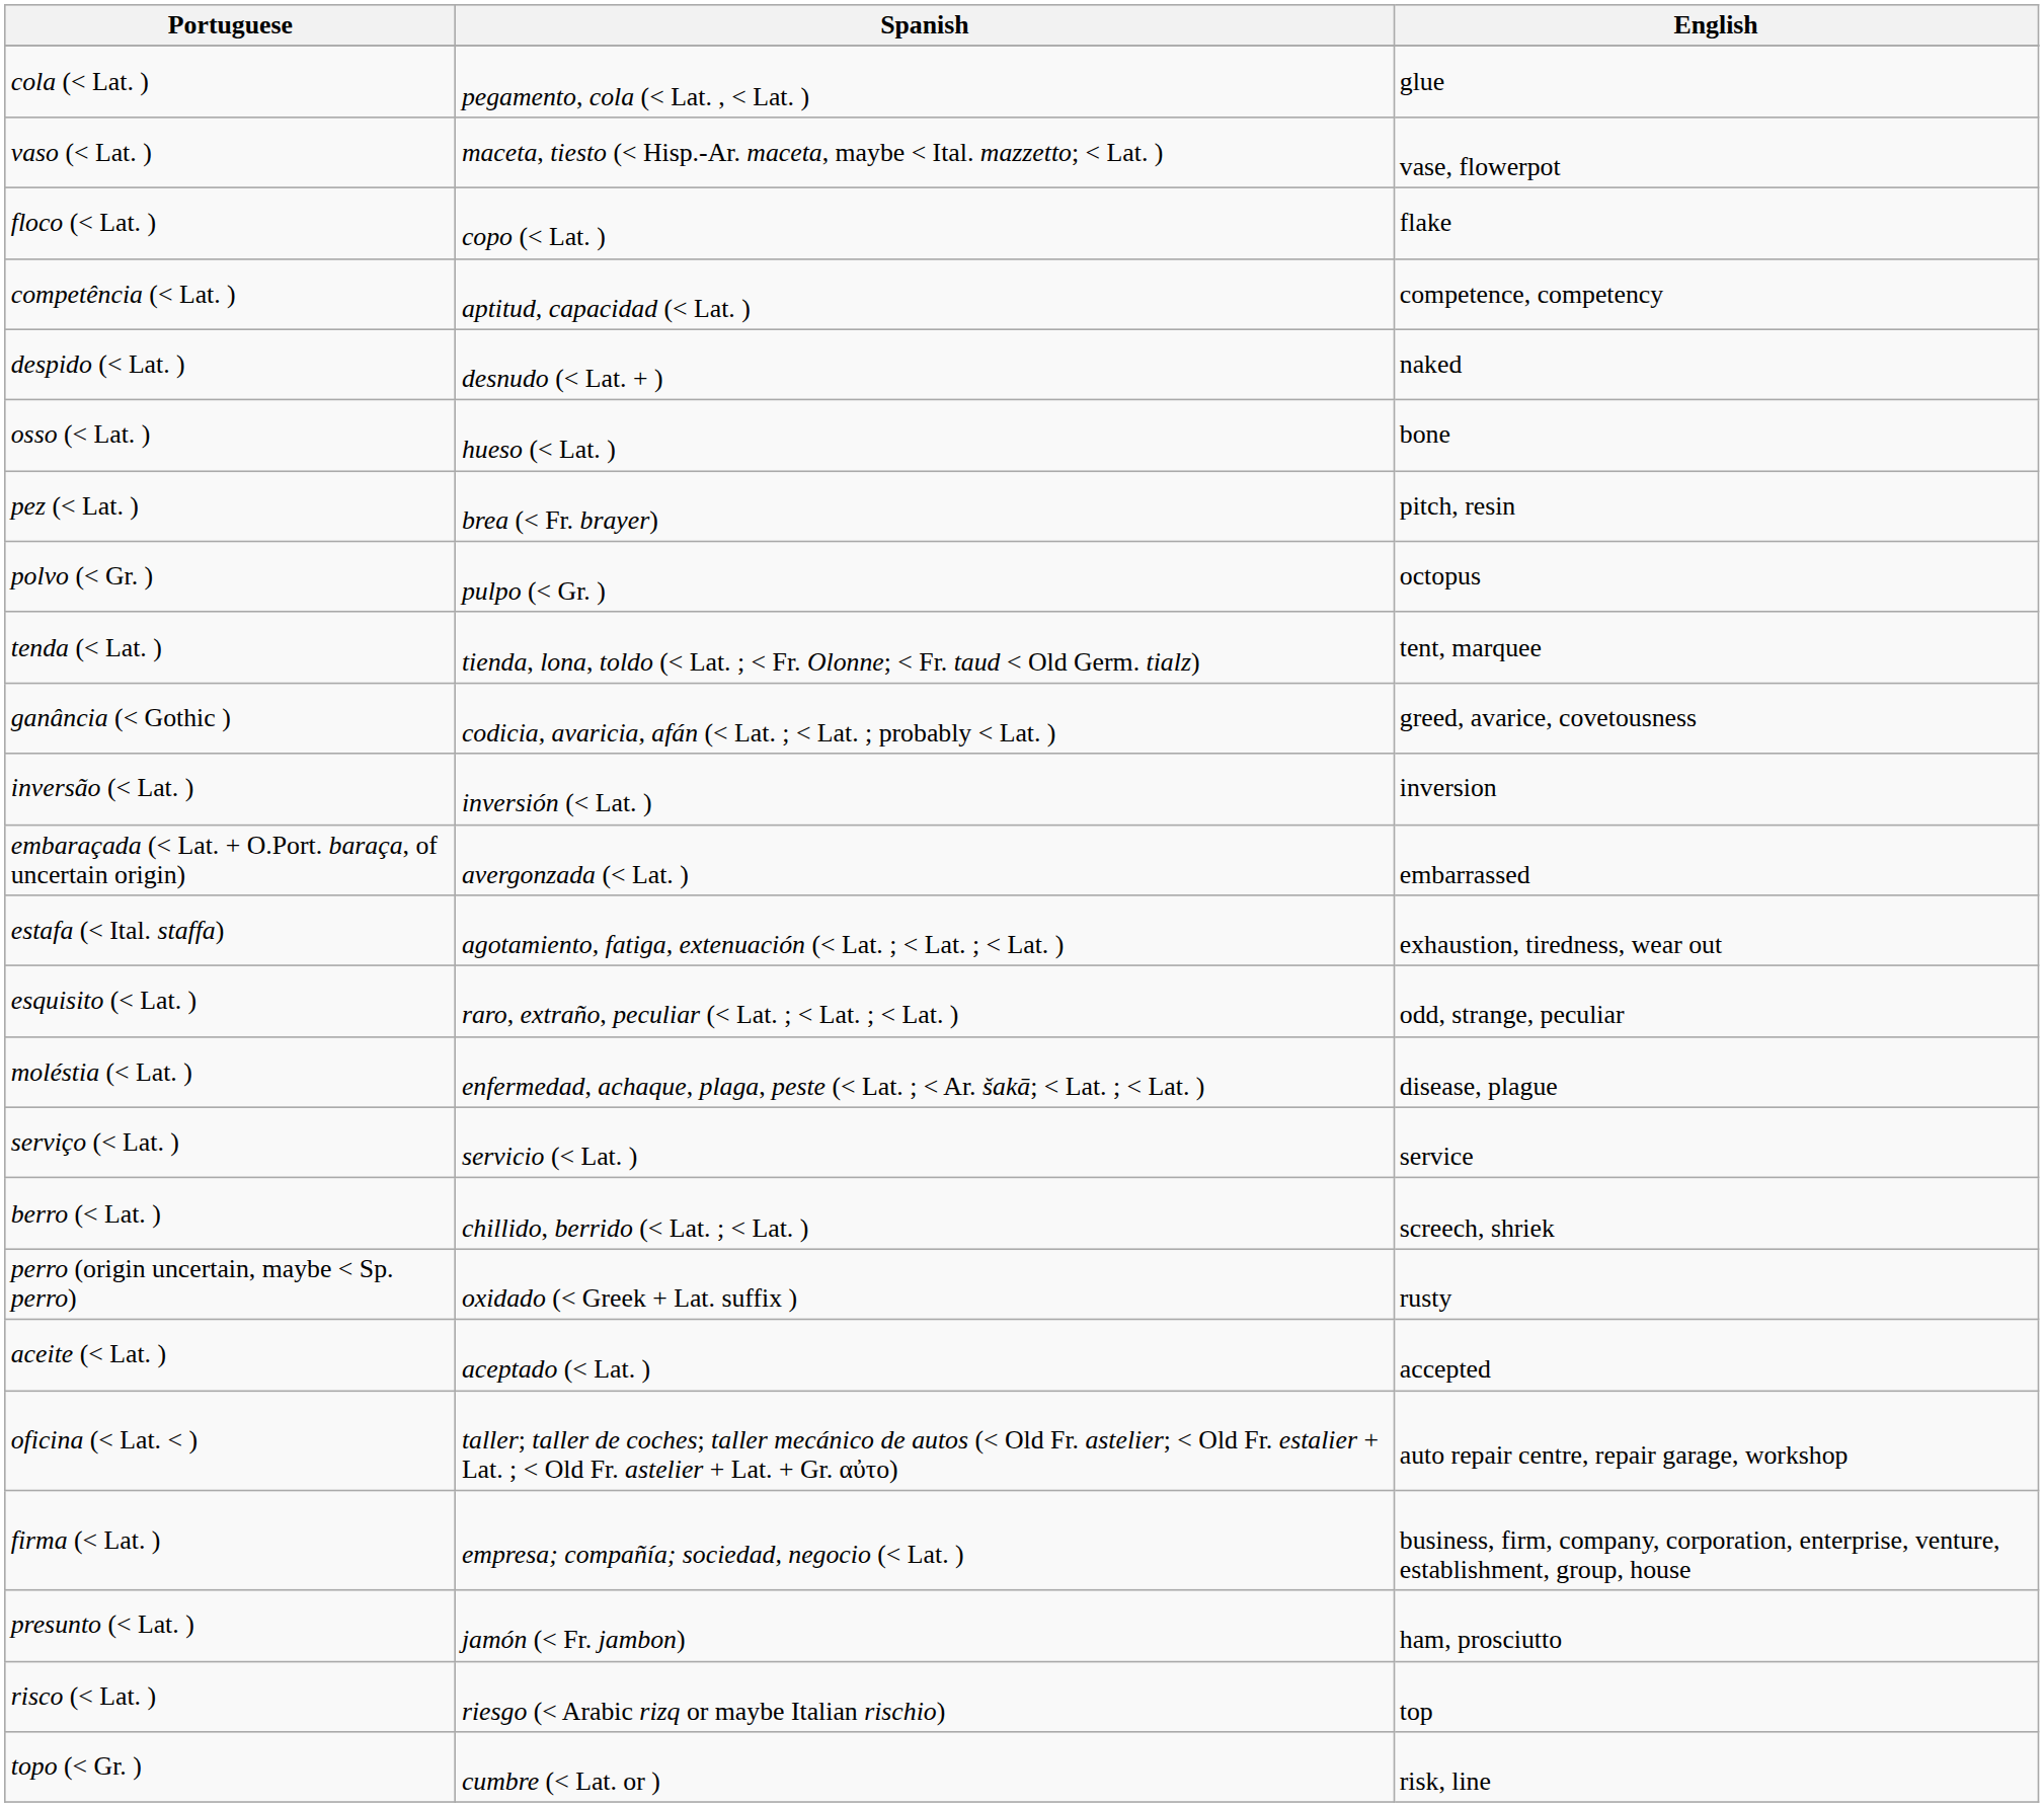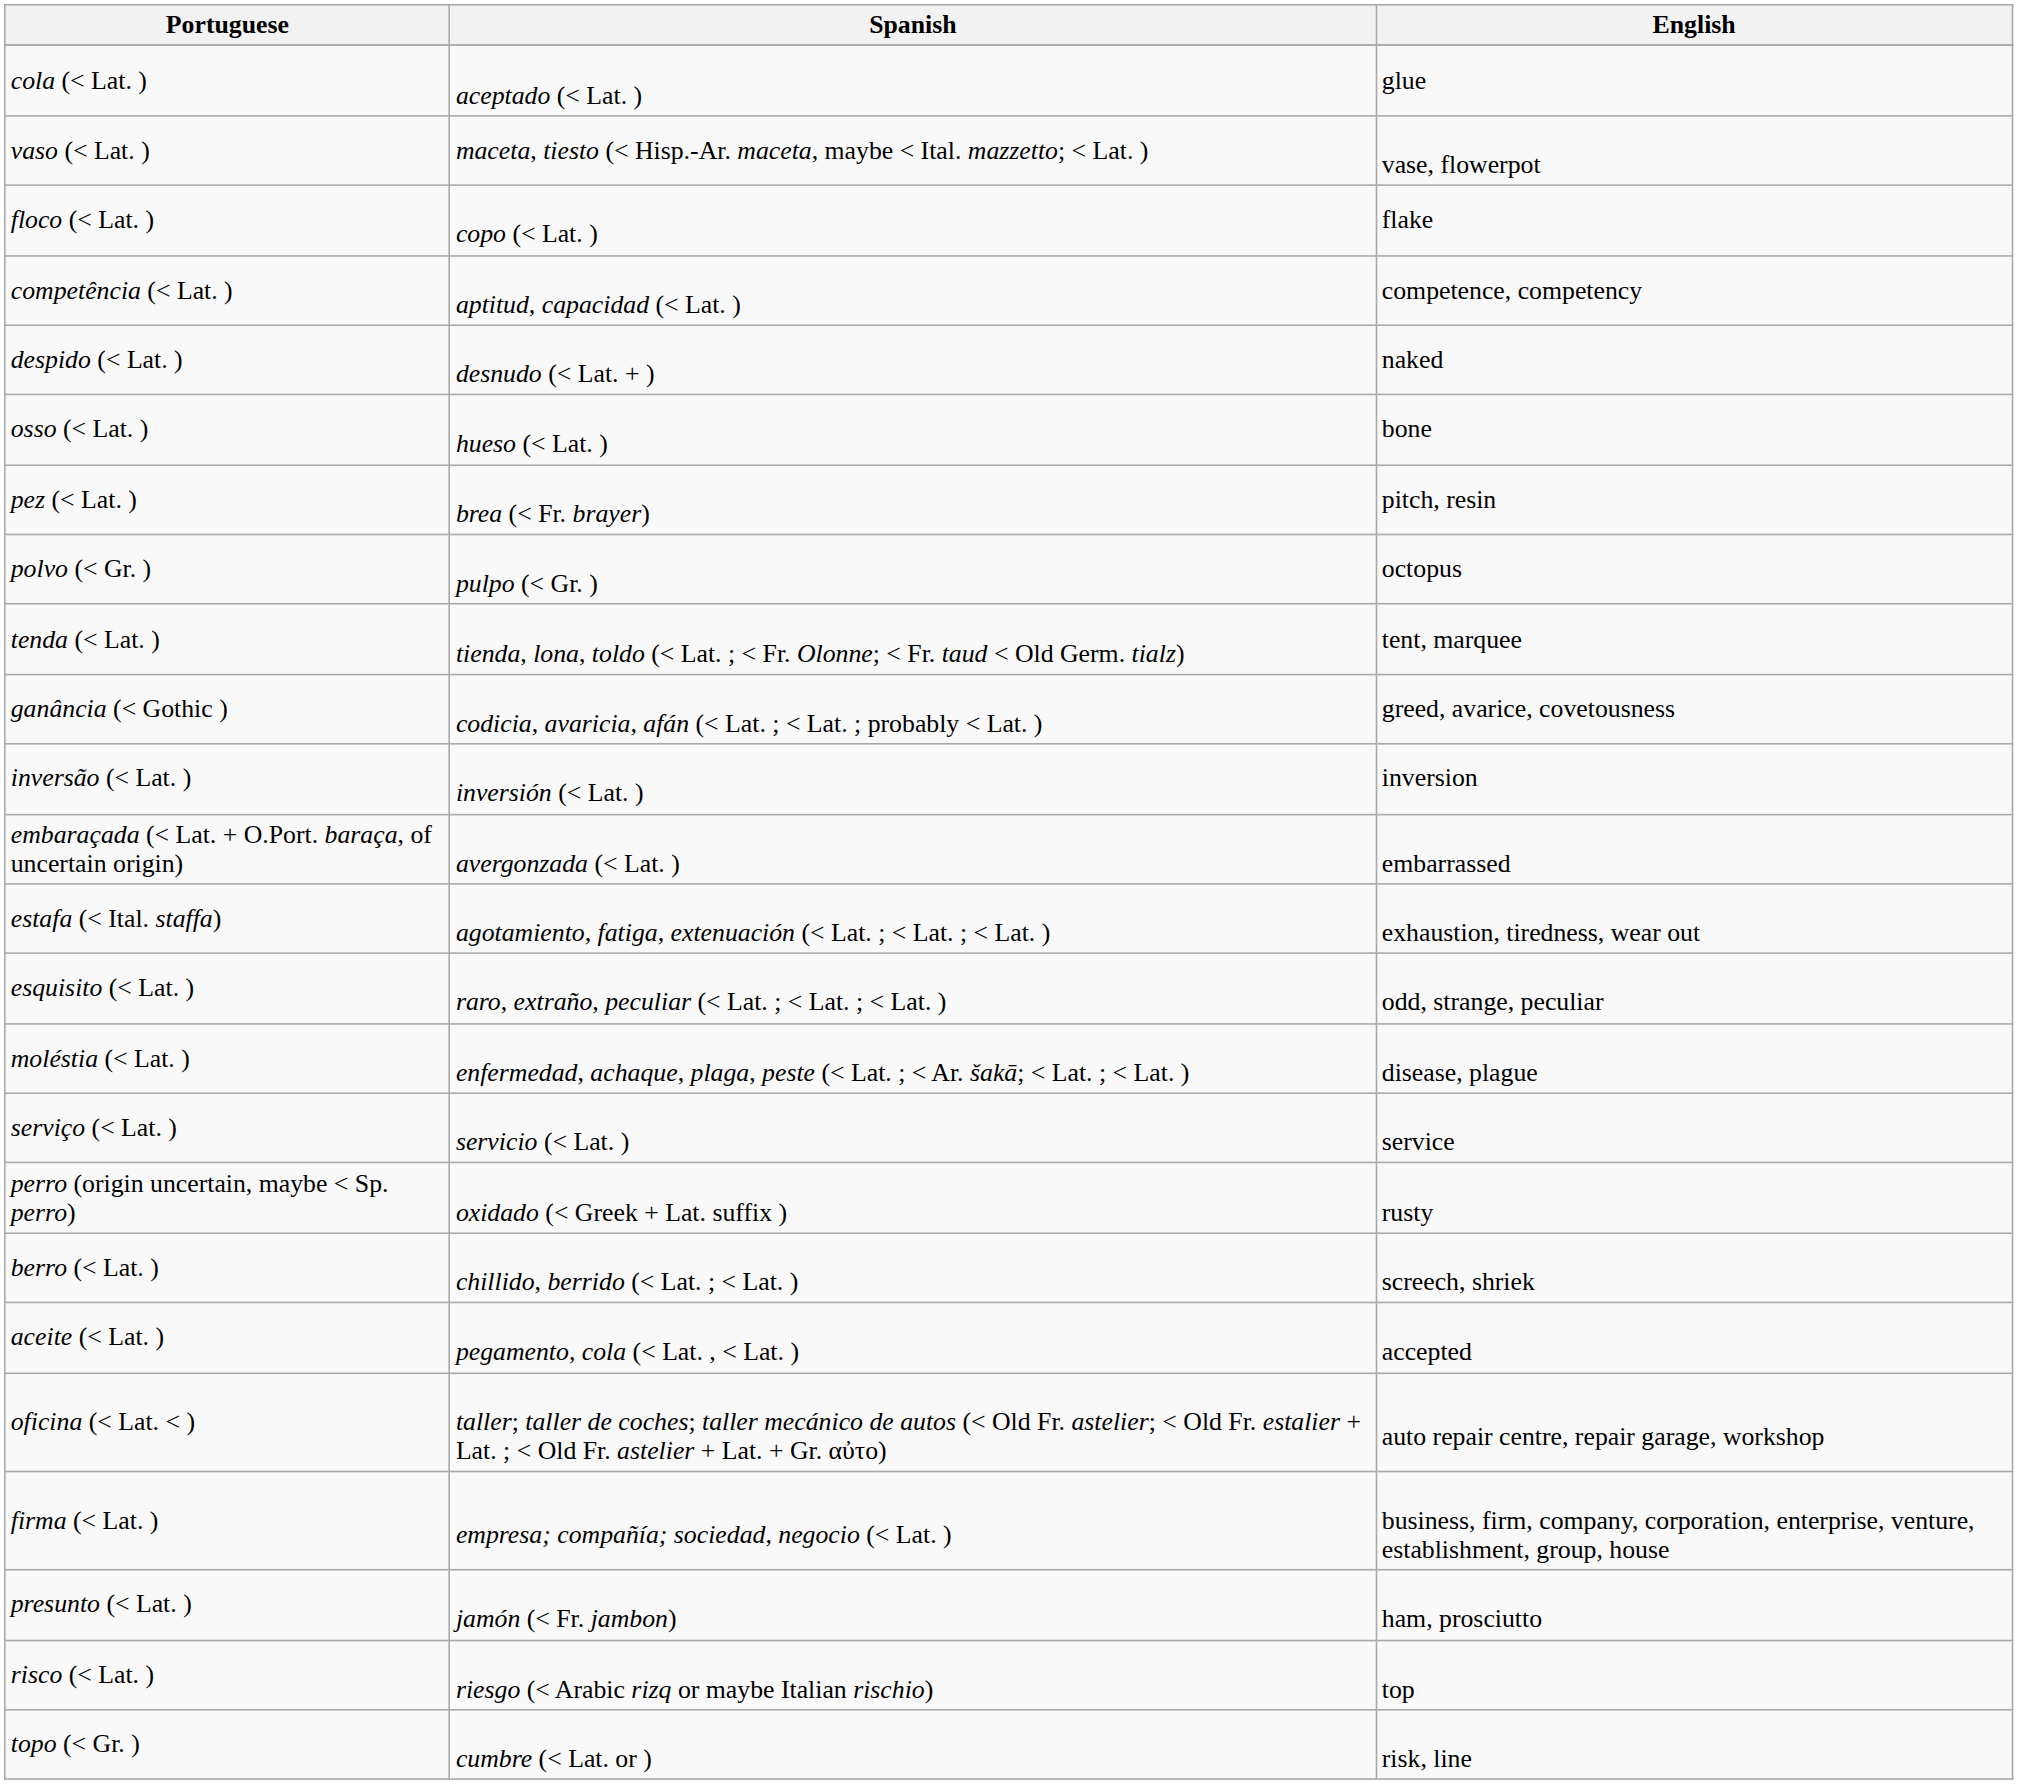 <table class="wikitable">
 <tr align=center>
 <th>Portuguese</th>
 <th>Spanish</th>
 <th>English</th>
 </tr>
 <tr align=left>
 </tr>
 <tr align=left>
 <td><em>cola</em> (< Lat. )</td>
-<td><br><em>pegamento</em>, <em>cola</em> (< Lat. , < Lat. )</td>
+<td><br><em>aceptado</em> (< Lat. )</td>
 <td>glue</td>
 </tr>
 <tr align=left>
 <td><em>vaso</em> (< Lat. )</td>
 <td><em>maceta</em>, <em>tiesto</em> (< Hisp.-Ar. <em>maceta</em>, maybe < Ital. <em>mazzetto</em>; < Lat. )</td>
 <td><br>vase, flowerpot</td>
 </tr>
 <tr align=left>
 <td><em>floco</em> (< Lat. )</td>
 <td><br><em>copo</em> (< Lat. )</td>
 <td>flake</td>
 </tr>
 <tr align=left>
 <td><em>competência</em> (< Lat. )</td>
 <td><br><em>aptitud, capacidad</em> (< Lat. )</td>
 <td>competence, competency</td>
 </tr>
 <tr align=left>
 <td><em>despido</em> (< Lat. )</td>
 <td><br><em>desnudo</em> (< Lat.  + )</td>
 <td>naked</td>
 </tr>
 <tr align=left>
 <td><em>osso</em> (< Lat. )</td>
 <td><br><em>hueso</em> (< Lat. )</td>
 <td>bone</td>
 </tr>
 <tr align=left>
 <td><em>pez</em> (< Lat. )</td>
 <td><br><em>brea</em> (< Fr. <em>brayer</em>)</td>
 <td>pitch, resin</td>
 </tr>
 <tr align=left>
 <td><em>polvo</em> (< Gr. )</td>
 <td><br><em>pulpo</em> (< Gr. )</td>
 <td>octopus</td>
 </tr>
 <tr align=left>
 <td><em>tenda</em> (< Lat. )</td>
 <td><br><em>tienda</em>, <em>lona</em>, <em>toldo</em> (< Lat. ; < Fr. <em>Olonne</em>; < Fr. <em>taud</em> < Old Germ. <em>tialz</em>)</td>
 <td>tent, marquee</td>
 </tr>
 <tr align=left>
 <td><em>ganância</em> (< Gothic )</td>
 <td><br><em>codicia, avaricia, afán</em> (< Lat. ; < Lat. ; probably < Lat. )</td>
 <td>greed, avarice, covetousness</td>
 </tr>
 <tr align=left>
 <td><em>inversão</em> (< Lat. )</td>
 <td><br><em>inversión</em> (< Lat. )</td>
 <td>inversion</td>
 </tr>
 <tr align=left>
 <td><em>embaraçada</em> (< Lat.  + O.Port. <em>baraça</em>, of uncertain origin)</td>
 <td><br><em>avergonzada</em> (< Lat. )</td>
 <td><br>embarrassed</td>
 </tr>
 <tr align=left>
 <td><em>estafa</em> (< Ital. <em>staffa</em>)</td>
 <td><br><em>agotamiento, fatiga, extenuación</em> (< Lat. ; < Lat. ; < Lat. )</td>
 <td><br>exhaustion, tiredness, wear out</td>
 </tr>
 <tr align=left>
 <td><em>esquisito</em> (< Lat. )</td>
 <td><br><em>raro</em>, <em>extraño</em>, <em>peculiar</em> (< Lat. ; < Lat. ; < Lat. )</td>
 <td><br>odd, strange, peculiar</td>
 </tr>
 <tr align=left>
 <td><em>moléstia</em> (< Lat. )</td>
 <td><br><em>enfermedad</em>, <em>achaque</em>, <em>plaga</em>, <em>peste</em>  (< Lat. ; < Ar. <em>šakā</em>; < Lat. ; < Lat.  )</td>
 <td><br>disease, plague</td>
 </tr>
 <tr align=left>
 <td><em>serviço</em> (< Lat. )</td>
 <td><br><em>servicio</em> (< Lat. )</td>
 <td><br>service</td>
 </tr>
 <tr align=left>
+<td><em>perro</em> (origin uncertain, maybe < Sp. <em>perro</em>)</td>
+<td><br><em>oxidado</em> (< Greek  + Lat. suffix )</td>
+<td><br>rusty</td>
+</tr>
+<tr align=left>
 <td><em>berro</em> (< Lat. )</td>
 <td><br><em>chillido</em>, <em>berrido</em> (< Lat. ; < Lat. )</td>
 <td><br>screech, shriek</td>
 </tr>
 <tr align=left>
-<td><em>perro</em> (origin uncertain, maybe < Sp. <em>perro</em>)</td>
-<td><br><em>oxidado</em> (< Greek  + Lat. suffix )</td>
-<td><br>rusty</td>
-</tr>
-<tr align=left>
 <td><em>aceite</em> (< Lat. )</td>
-<td><br><em>aceptado</em> (< Lat. )</td>
+<td><br><em>pegamento</em>, <em>cola</em> (< Lat. , < Lat. )</td>
 <td><br>accepted</td>
 </tr>
 <tr align=left>
 <td><em>oficina</em> (< Lat.  < )</td>
 <td><br><em>taller</em>; <em>taller de coches</em>; <em>taller mecánico de autos</em> (< Old Fr. <em>astelier</em>; < Old Fr. <em>estalier</em> + Lat. ; < Old Fr. <em>astelier</em> + Lat.  + Gr. αὐτο)</td>
 <td><br>auto repair centre, repair garage, workshop</td>
 </tr>
 <tr align=left>
 <td><em>firma</em> (< Lat. )</td>
 <td><br><em>empresa; compañía; sociedad, negocio</em> (< Lat. )</td>
 <td><br>business, firm, company, corporation, enterprise, venture, establishment, group, house</td>
 </tr>
 <tr align=left>
 <td><em>presunto</em> (< Lat. )</td>
 <td><br><em>jamón</em> (< Fr. <em>jambon</em>)</td>
 <td><br>ham, prosciutto</td>
 </tr>
 <tr align=left>
 <td><em>risco</em> (< Lat. )</td>
 <td><br><em>riesgo</em> (< Arabic <em>rizq</em> or maybe Italian <em>rischio</em>)</td>
 <td><br>top</td>
 </tr>
 <tr align=left>
 <td><em>topo</em> (< Gr. )</td>
 <td><br><em>cumbre</em> (< Lat.  or )</td>
 <td><br>risk, line</td>
 </tr>
 </table>
